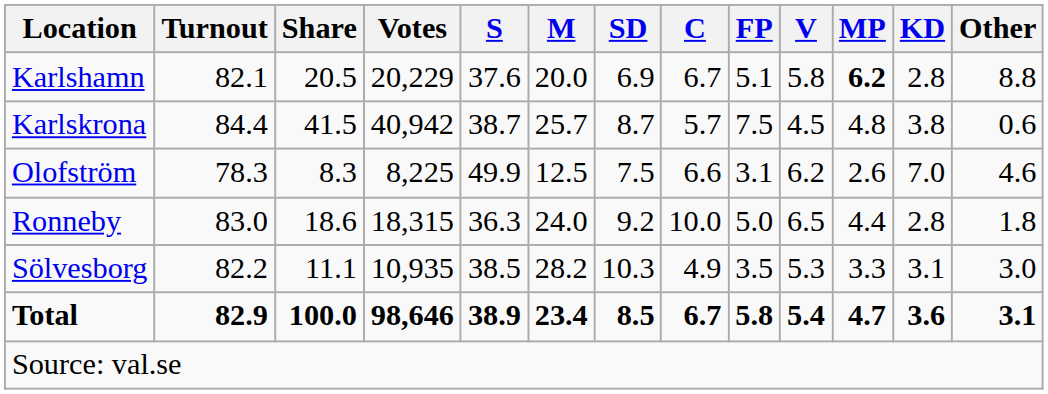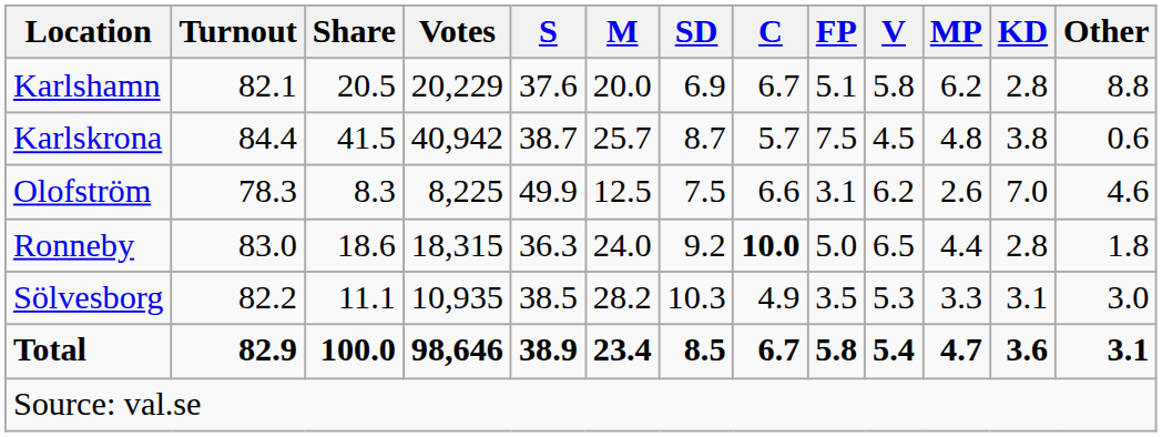 <table class="wikitable sortable" style=text-align:right>
 <tr>
 <th>Location</th>
 <th>Turnout</th>
 <th>Share</th>
 <th>Votes</th>
 <th><a href='#'>S</a></th>
 <th><a href='#'>M</a></th>
 <th><a href='#'>SD</a></th>
 <th><a href='#'>C</a></th>
 <th><a href='#'>FP</a></th>
 <th><a href='#'>V</a></th>
 <th><a href='#'>MP</a></th>
 <th><a href='#'>KD</a></th>
 <th>Other</th>
 </tr>
 <tr>
 <td align=left><a href='#'>Karlshamn</a></td>
 <td>82.1</td>
 <td>20.5</td>
 <td>20,229</td>
 <td>37.6</td>
 <td>20.0</td>
 <td>6.9</td>
 <td>6.7</td>
 <td>5.1</td>
 <td>5.8</td>
-<td><strong>6.2</strong></td>
+<td>6.2</td>
 <td>2.8</td>
 <td>8.8</td>
 </tr>
 <tr>
 <td align=left><a href='#'>Karlskrona</a></td>
 <td>84.4</td>
 <td>41.5</td>
 <td>40,942</td>
 <td>38.7</td>
 <td>25.7</td>
 <td>8.7</td>
 <td>5.7</td>
 <td>7.5</td>
 <td>4.5</td>
 <td>4.8</td>
 <td>3.8</td>
 <td>0.6</td>
 </tr>
 <tr>
 <td align=left><a href='#'>Olofström</a></td>
 <td>78.3</td>
 <td>8.3</td>
 <td>8,225</td>
 <td>49.9</td>
 <td>12.5</td>
 <td>7.5</td>
 <td>6.6</td>
 <td>3.1</td>
 <td>6.2</td>
 <td>2.6</td>
 <td>7.0</td>
 <td>4.6</td>
 </tr>
 <tr>
 <td align=left><a href='#'>Ronneby</a></td>
 <td>83.0</td>
 <td>18.6</td>
 <td>18,315</td>
 <td>36.3</td>
 <td>24.0</td>
 <td>9.2</td>
-<td>10.0</td>
+<td><strong>10.0</strong></td>
 <td>5.0</td>
 <td>6.5</td>
 <td>4.4</td>
 <td>2.8</td>
 <td>1.8</td>
 </tr>
 <tr>
 <td align=left><a href='#'>Sölvesborg</a></td>
 <td>82.2</td>
 <td>11.1</td>
 <td>10,935</td>
 <td>38.5</td>
 <td>28.2</td>
 <td>10.3</td>
 <td>4.9</td>
 <td>3.5</td>
 <td>5.3</td>
 <td>3.3</td>
 <td>3.1</td>
 <td>3.0</td>
 </tr>
 <tr>
 <td align=left><strong>Total</strong></td>
 <td><strong>82.9</strong></td>
 <td><strong>100.0</strong></td>
 <td><strong>98,646</strong></td>
 <td><strong>38.9</strong></td>
 <td><strong>23.4</strong></td>
 <td><strong>8.5</strong></td>
 <td><strong>6.7</strong></td>
 <td><strong>5.8</strong></td>
 <td><strong>5.4</strong></td>
 <td><strong>4.7</strong></td>
 <td><strong>3.6</strong></td>
 <td><strong>3.1</strong></td>
 </tr>
 <tr>
 <td align=left colspan=13>Source: val.se</td>
 </tr>
 </table>
